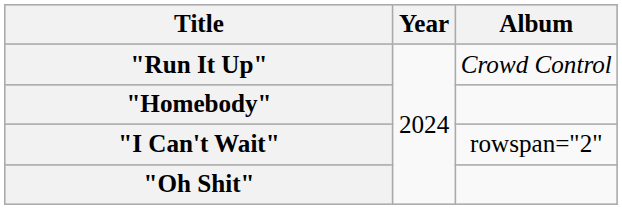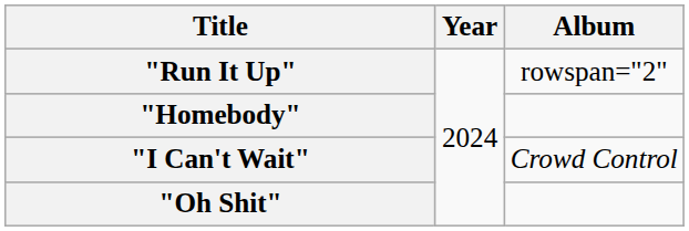 <table class="wikitable plainrowheaders" style="text-align:center;">
 <tr>
 <th scope="col" style="width:15em;">Title</th>
 <th scope="col">Year</th>
 <th scope="col">Album</th>
 </tr>
 <tr>
 <th scope="row">"Run It Up"<br></th>
 <td rowspan="4">2024</td>
-<td><em>Crowd Control</em></td>
+<td>rowspan="2" </td>
 </tr>
 <tr>
 <th scope="row">"Homebody"<br></th>
 </tr>
 <tr>
 <th scope="row">"I Can't Wait"<br></th>
-<td>rowspan="2" </td>
+<td><em>Crowd Control</em></td>
 </tr>
 <tr>
 <th scope="row">"Oh Shit"<br></th>
 <td></td>
 </tr>
 </table>
